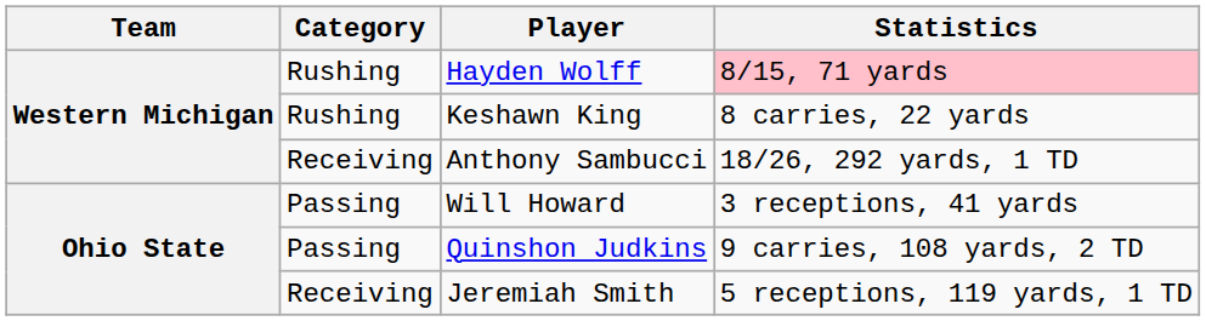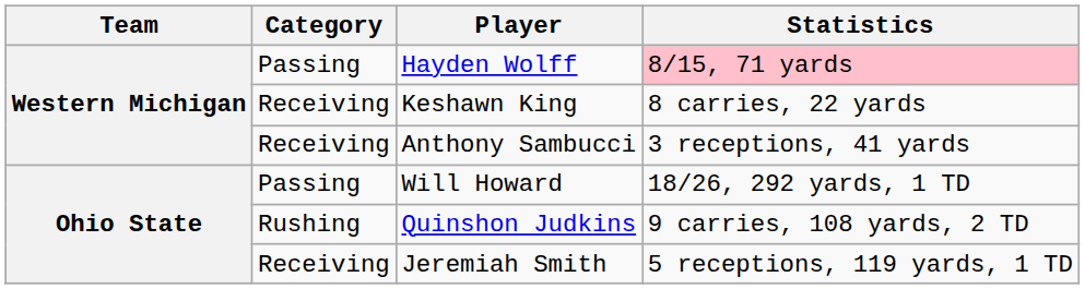 <table class="wikitable" style="float:right">
 <tr>
 <th>Team</th>
 <th>Category</th>
 <th>Player</th>
 <th>Statistics</th>
 </tr>
 <tr>
 <th rowspan=3>Western Michigan</th>
-<td>Rushing</td>
+<td>Passing</td>
 <td><a href='#'>Hayden Wolff</a></td>
 <td style="background: pink;">8/15, 71 yards</td>
 </tr>
 <tr>
-<td>Rushing</td>
+<td>Receiving</td>
 <td>Keshawn King</td>
 <td>8 carries, 22 yards</td>
 </tr>
 <tr>
 <td>Receiving</td>
 <td>Anthony Sambucci</td>
-<td>18/26, 292 yards, 1 TD</td>
+<td>3 receptions, 41 yards</td>
 </tr>
 <tr>
 <th rowspan=3>Ohio State</th>
 <td>Passing</td>
 <td>Will Howard</td>
-<td>3 receptions, 41 yards</td>
+<td>18/26, 292 yards, 1 TD</td>
 </tr>
 <tr>
-<td>Passing</td>
+<td>Rushing</td>
 <td><a href='#'>Quinshon Judkins</a></td>
 <td>9 carries, 108 yards, 2 TD</td>
 </tr>
 <tr>
 <td>Receiving</td>
 <td>Jeremiah Smith</td>
 <td>5 receptions, 119 yards, 1 TD</td>
 </tr>
 </table>
